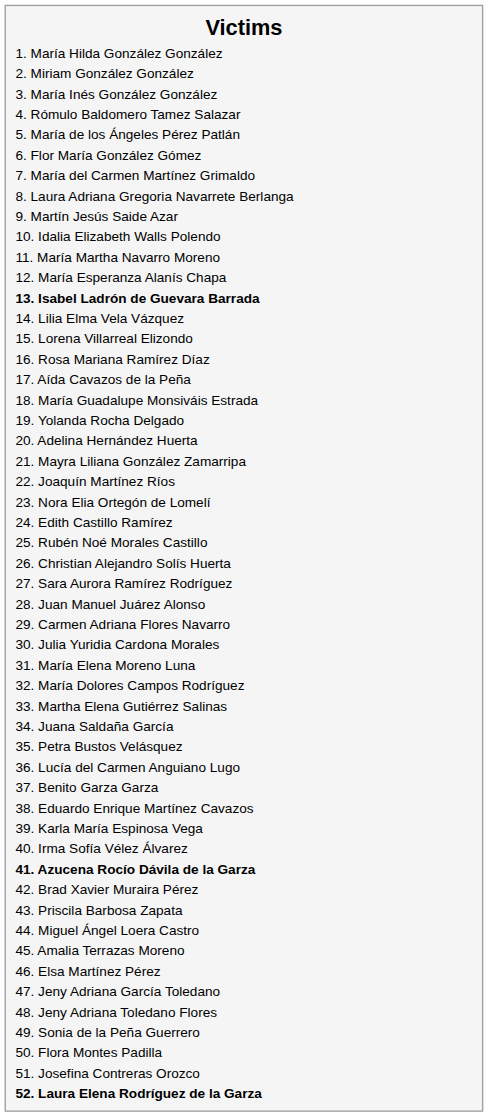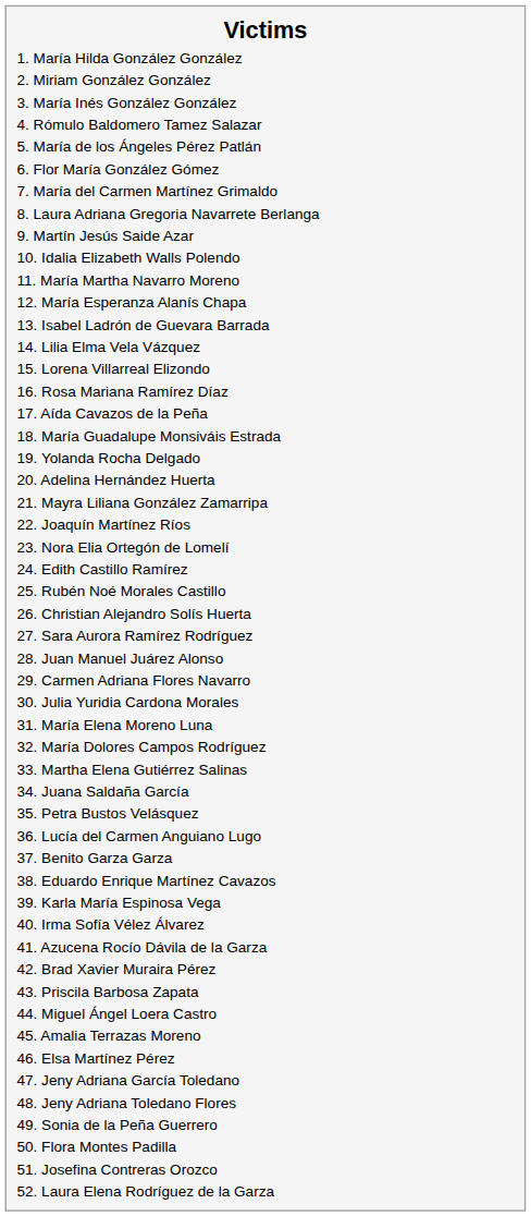 <table style="float:right; clear:right; margin:1em; width:22em; border:1px solid #a0a0a0; padding:4px; background:#f5f5f5; text-align:left;">
 <tr style="text-align:center;">
 <td><strong>Victims</strong></td>
 </tr>
 <tr style="text-align:left; font-size:x-small;">
 <td>1. María Hilda González González</td>
 </tr>
 <tr style="text-align:left; font-size:x-small;">
 <td>2. Miriam González González</td>
 </tr>
 <tr style="text-align:left; font-size:x-small;">
 <td>3. María Inés González González</td>
 </tr>
 <tr style="text-align:left; font-size:x-small;">
 <td>4. Rómulo Baldomero Tamez Salazar</td>
 </tr>
 <tr style="text-align:left; font-size:x-small;">
 <td>5. María de los Ángeles Pérez Patlán</td>
 </tr>
 <tr style="text-align:left; font-size:x-small;">
 <td>6. Flor María González Gómez</td>
 </tr>
 <tr style="text-align:left; font-size:x-small;">
 <td>7. María del Carmen Martínez Grimaldo</td>
 </tr>
 <tr style="text-align:left; font-size:x-small;">
 <td>8. Laura Adriana Gregoria Navarrete Berlanga</td>
 </tr>
 <tr style="text-align:left; font-size:x-small;">
 <td>9. Martín Jesús Saide Azar</td>
 </tr>
 <tr style="text-align:left; font-size:x-small;">
 <td>10. Idalia Elizabeth Walls Polendo</td>
 </tr>
 <tr style="text-align:left; font-size:x-small;">
 <td>11. María Martha Navarro Moreno</td>
 </tr>
 <tr style="text-align:left; font-size:x-small;">
 <td>12. María Esperanza Alanís Chapa</td>
 </tr>
 <tr style="text-align:left; font-size:x-small;">
-<td><strong>13. Isabel Ladrón de Guevara Barrada</strong></td>
+<td>13. Isabel Ladrón de Guevara Barrada</td>
 </tr>
 <tr style="text-align:left; font-size:x-small;">
 <td>14.  Lilia Elma Vela Vázquez</td>
 </tr>
 <tr style="text-align:left; font-size:x-small;">
 <td>15. Lorena Villarreal Elizondo</td>
 </tr>
 <tr style="text-align:left; font-size:x-small;">
 <td>16. Rosa Mariana Ramírez Díaz</td>
 </tr>
 <tr style="text-align:left; font-size:x-small;">
 <td>17. Aída Cavazos de la Peña</td>
 </tr>
 <tr style="text-align:left; font-size:x-small;">
 <td>18. María Guadalupe Monsiváis Estrada</td>
 </tr>
 <tr style="text-align:left; font-size:x-small;">
 <td>19. Yolanda Rocha Delgado</td>
 </tr>
 <tr style="text-align:left; font-size:x-small;">
 <td>20. Adelina Hernández Huerta</td>
 </tr>
 <tr style="text-align:left; font-size:x-small;">
 <td>21. Mayra Liliana González Zamarripa</td>
 </tr>
 <tr style="text-align:left; font-size:x-small;">
 <td>22. Joaquín Martínez Ríos</td>
 </tr>
 <tr style="text-align:left; font-size:x-small;">
 <td>23. Nora Elia Ortegón de Lomelí</td>
 </tr>
 <tr style="text-align:left; font-size:x-small;">
 <td>24. Edith Castillo Ramírez</td>
 </tr>
 <tr style="text-align:left; font-size:x-small;">
 <td>25. Rubén Noé Morales Castillo</td>
 </tr>
 <tr style="text-align:left; font-size:x-small;">
 <td>26. Christian Alejandro Solís Huerta</td>
 </tr>
 <tr style="text-align:left; font-size:x-small;">
 <td>27. Sara Aurora Ramírez Rodríguez</td>
 </tr>
 <tr style="text-align:left; font-size:x-small;">
 <td>28. Juan Manuel Juárez Alonso</td>
 </tr>
 <tr style="text-align:left; font-size:x-small;">
 <td>29. Carmen Adriana Flores Navarro</td>
 </tr>
 <tr style="text-align:left; font-size:x-small;">
 <td>30. Julia Yuridia Cardona Morales</td>
 </tr>
 <tr style="text-align:left; font-size:x-small;">
 <td>31. María Elena Moreno Luna</td>
 </tr>
 <tr style="text-align:left; font-size:x-small;">
 <td>32. María Dolores Campos Rodríguez</td>
 </tr>
 <tr style="text-align:left; font-size:x-small;">
 <td>33. Martha Elena Gutiérrez Salinas</td>
 </tr>
 <tr style="text-align:left; font-size:x-small;">
 <td>34. Juana Saldaña García</td>
 </tr>
 <tr style="text-align:left; font-size:x-small;">
 <td>35. Petra Bustos Velásquez</td>
 </tr>
 <tr style="text-align:left; font-size:x-small;">
 <td>36. Lucía del Carmen Anguiano Lugo</td>
 </tr>
 <tr style="text-align:left; font-size:x-small;">
 <td>37. Benito Garza Garza</td>
 </tr>
 <tr style="text-align:left; font-size:x-small;">
 <td>38. Eduardo Enrique Martínez Cavazos</td>
 </tr>
 <tr style="text-align:left; font-size:x-small;">
 <td>39. Karla María Espinosa Vega</td>
 </tr>
 <tr style="text-align:left; font-size:x-small;">
 <td>40. Irma Sofía Vélez Álvarez</td>
 </tr>
 <tr style="text-align:left; font-size:x-small;">
-<td><strong>41. Azucena Rocío Dávila de la Garza</strong></td>
+<td>41. Azucena Rocío Dávila de la Garza</td>
 </tr>
 <tr style="text-align:left; font-size:x-small;">
 <td>42. Brad Xavier Muraira Pérez</td>
 </tr>
 <tr style="text-align:left; font-size:x-small;">
 <td>43. Priscila Barbosa Zapata</td>
 </tr>
 <tr style="text-align:left; font-size:x-small;">
 <td>44. Miguel Ángel Loera Castro</td>
 </tr>
 <tr style="text-align:left; font-size:x-small;">
 <td>45. Amalia Terrazas Moreno</td>
 </tr>
 <tr style="text-align:left; font-size:x-small;">
 <td>46. Elsa Martínez Pérez</td>
 </tr>
 <tr style="text-align:left; font-size:x-small;">
 <td>47. Jeny Adriana García Toledano</td>
 </tr>
 <tr style="text-align:left; font-size:x-small;">
 <td>48. Jeny Adriana Toledano Flores</td>
 </tr>
 <tr style="text-align:left; font-size:x-small;">
 <td>49. Sonia de la Peña Guerrero</td>
 </tr>
 <tr style="text-align:left; font-size:x-small;">
 <td>50. Flora Montes Padilla</td>
 </tr>
 <tr style="text-align:left; font-size:x-small;">
 <td>51. Josefina Contreras Orozco</td>
 </tr>
 <tr style="text-align:left; font-size:x-small;">
-<td><strong>52. Laura Elena Rodríguez de la Garza</strong></td>
+<td>52. Laura Elena Rodríguez de la Garza</td>
 </tr>
 </table>
